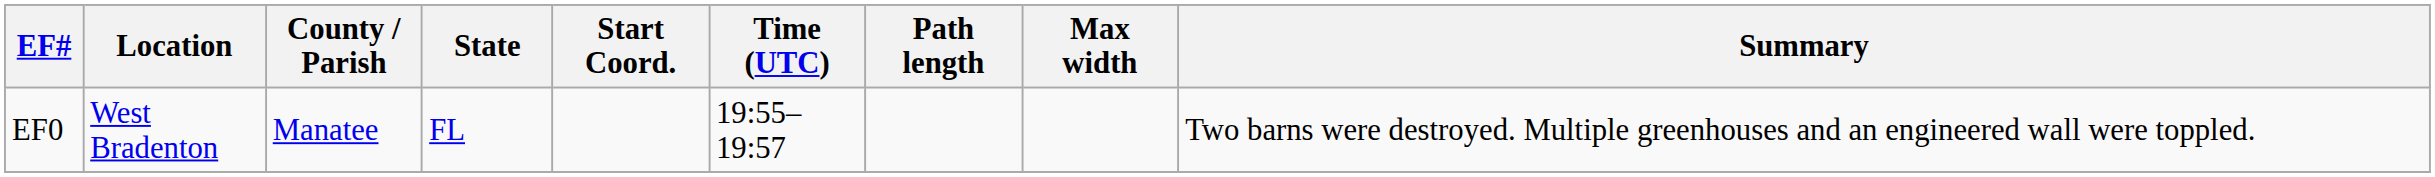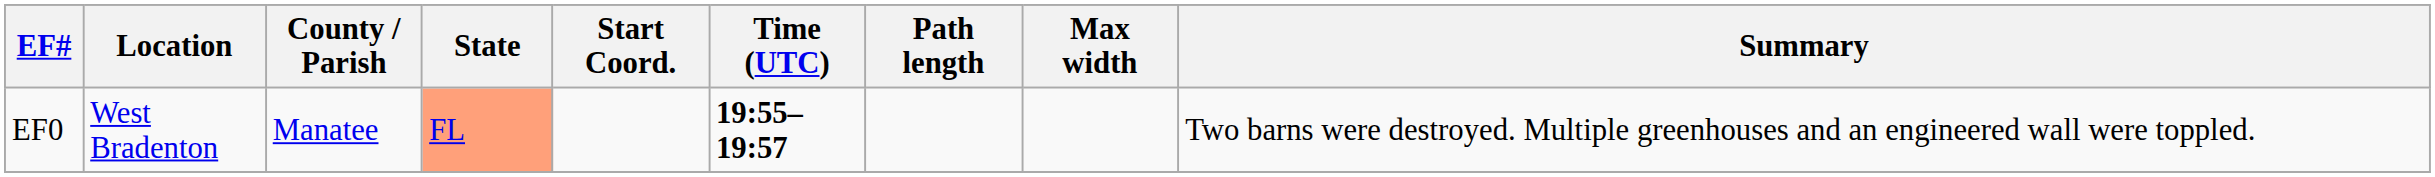 <table class="wikitable sortable" style="width:100%;">
 <tr>
 <th scope="col"  style="width:3%; text-align:center;"><a href='#'>EF#</a></th>
 <th scope="col"  style="width:7%; text-align:center;" class="unsortable">Location</th>
 <th scope="col"  style="width:6%; text-align:center;" class="unsortable">County / Parish</th>
 <th scope="col"  style="width:5%; text-align:center;">State</th>
 <th scope="col"  style="width:6%; text-align:center;">Start Coord.</th>
 <th scope="col"  style="width:6%; text-align:center;">Time (<a href='#'>UTC</a>)</th>
 <th scope="col"  style="width:6%; text-align:center;">Path length</th>
 <th scope="col"  style="width:6%; text-align:center;">Max width</th>
 <th scope="col" class="unsortable" style="width:48%; text-align:center;">Summary</th>
 </tr>
 <tr>
 <td>EF0</td>
 <td><a href='#'>West Bradenton</a></td>
 <td><a href='#'>Manatee</a></td>
-<td><a href='#'>FL</a></td>
+<td style="background: lightsalmon;"><a href='#'>FL</a></td>
 <td></td>
-<td>19:55–19:57</td>
+<td><strong>19:55–19:57</strong></td>
 <td></td>
 <td></td>
 <td>Two barns were destroyed. Multiple greenhouses and an engineered wall were toppled.</td>
 </tr>
 <tr>
 </tr>
 </table>
